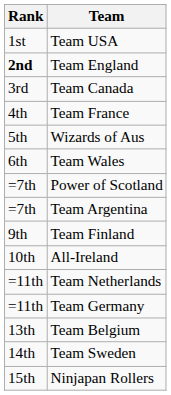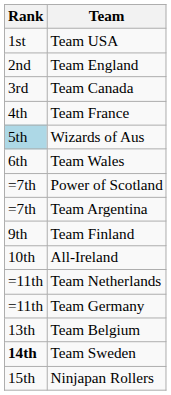 <table class="wikitable sortable">
 <tr>
 <th>Rank</th>
 <th>Team</th>
 </tr>
 <tr>
 <td>1st</td>
 <td>Team USA</td>
 </tr>
 <tr>
-<td><strong>2nd</strong></td>
+<td>2nd</td>
 <td>Team England</td>
 </tr>
 <tr>
 <td>3rd</td>
 <td>Team Canada</td>
 </tr>
 <tr>
 <td>4th</td>
 <td>Team France</td>
 </tr>
 <tr>
-<td>5th</td>
+<td style="background: lightblue;">5th</td>
 <td>Wizards of Aus</td>
 </tr>
 <tr>
 <td>6th</td>
 <td>Team Wales</td>
 </tr>
 <tr>
 <td>=7th</td>
 <td>Power of Scotland</td>
 </tr>
 <tr>
 <td>=7th</td>
 <td>Team Argentina</td>
 </tr>
 <tr>
 <td>9th</td>
 <td>Team Finland</td>
 </tr>
 <tr>
 <td>10th</td>
 <td>All-Ireland</td>
 </tr>
 <tr>
 <td>=11th</td>
 <td>Team Netherlands</td>
 </tr>
 <tr>
 <td>=11th</td>
 <td>Team Germany</td>
 </tr>
 <tr>
 <td>13th</td>
 <td>Team Belgium</td>
 </tr>
 <tr>
-<td>14th</td>
+<td><strong>14th</strong></td>
 <td>Team Sweden</td>
 </tr>
 <tr>
 <td>15th</td>
 <td>Ninjapan Rollers</td>
 </tr>
 </table>
